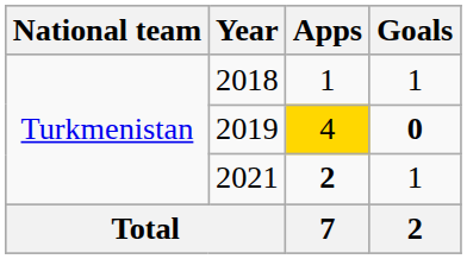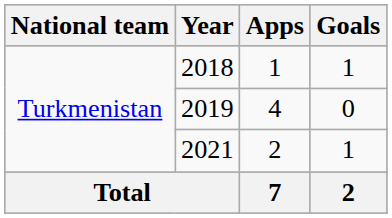 <table class="wikitable" style="text-align:center">
 <tr>
 <th>National team</th>
 <th>Year</th>
 <th>Apps</th>
 <th>Goals</th>
 </tr>
 <tr>
 <td rowspan="3"><a href='#'>Turkmenistan</a></td>
 <td>2018</td>
 <td>1</td>
 <td>1</td>
 </tr>
 <tr>
 <td>2019</td>
-<td style="background: gold;">4</td>
-<td><strong>0</strong></td>
+<td>4</td>
+<td>0</td>
 </tr>
 <tr>
 <td>2021</td>
-<td><strong>2</strong></td>
+<td>2</td>
 <td>1</td>
 </tr>
 <tr>
 <th colspan="2">Total</th>
 <th>7</th>
 <th>2</th>
 </tr>
 </table>
